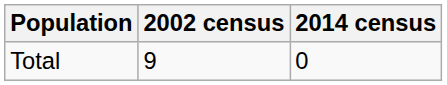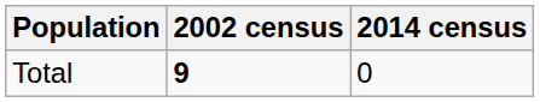 <table class="wikitable">
 <tr>
 <th>Population</th>
 <th>2002 census</th>
 <th>2014 census</th>
 </tr>
 <tr>
 <td>Total</td>
-<td>9</td>
+<td><strong>9</strong></td>
 <td>0</td>
 </tr>
 </table>
